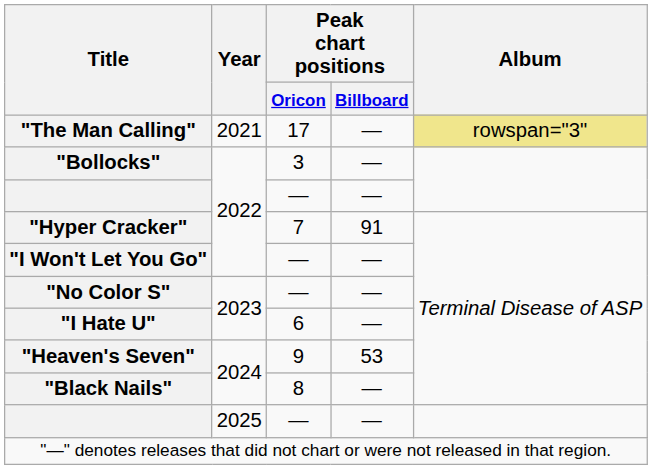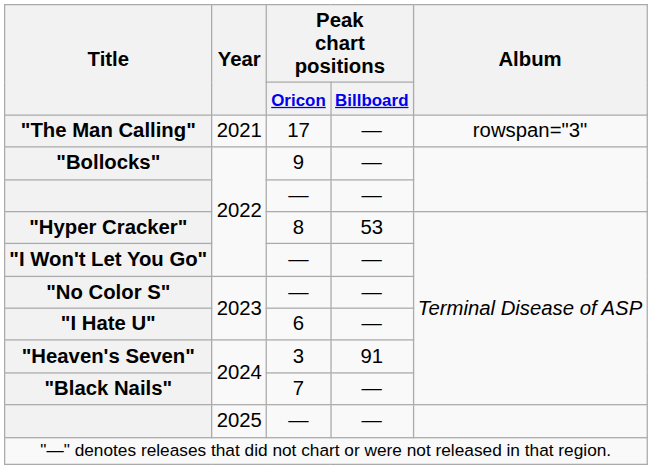 <table class="wikitable plainrowheaders" style="text-align:center;">
 <tr>
 <th scope="col" rowspan="2">Title</th>
 <th scope="col" rowspan="2">Year</th>
 <th scope="col" colspan="2">Peak <br> chart <br> positions</th>
 <th scope="col" rowspan="2">Album</th>
 </tr>
 <tr>
 <th scope="col"><small><a href='#'>Oricon</a></small></th>
 <th scope="col"><small><a href='#'>Billboard</a></small></th>
 </tr>
 <tr>
 <th scope="row">"The Man Calling"</th>
 <td>2021</td>
 <td>17</td>
 <td>—</td>
-<td style="background: khaki;">rowspan="3" </td>
+<td>rowspan="3" </td>
 </tr>
 <tr>
 <th scope="row">"Bollocks"</th>
 <td rowspan="4">2022</td>
-<td>3</td>
+<td>9</td>
 <td>—</td>
 </tr>
 <tr>
 <th scope="row"></th>
 <td>—</td>
 <td>—</td>
 </tr>
 <tr>
 <th scope="row">"Hyper Cracker"</th>
-<td>7</td>
-<td>91</td>
+<td>8</td>
+<td>53</td>
 <td rowspan="6"><em>Terminal Disease of ASP</em></td>
 </tr>
 <tr>
 <th scope="row">"I Won't Let You Go"</th>
 <td>—</td>
 <td>—</td>
 </tr>
 <tr>
 <th scope="row">"No Color S"</th>
 <td rowspan="2">2023</td>
 <td>—</td>
 <td>—</td>
 </tr>
 <tr>
 <th scope="row">"I Hate U"</th>
 <td>6</td>
 <td>—</td>
 </tr>
 <tr>
 <th scope="row">"Heaven's Seven"</th>
 <td rowspan="2">2024</td>
-<td>9</td>
-<td>53</td>
+<td>3</td>
+<td>91</td>
 </tr>
 <tr>
 <th scope="row">"Black Nails"</th>
-<td>8</td>
+<td>7</td>
 <td>—</td>
 </tr>
 <tr>
 <th scope="row"></th>
 <td>2025</td>
 <td>—</td>
 <td>—</td>
 <td></td>
 </tr>
 <tr>
 <td colspan="6" style="font-size:85%">"—" denotes releases that did not chart or were not released in that region.</td>
 </tr>
 </table>
